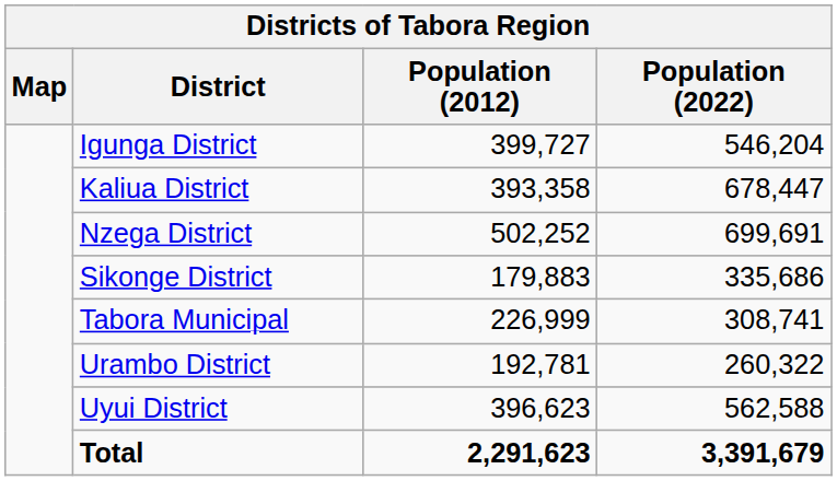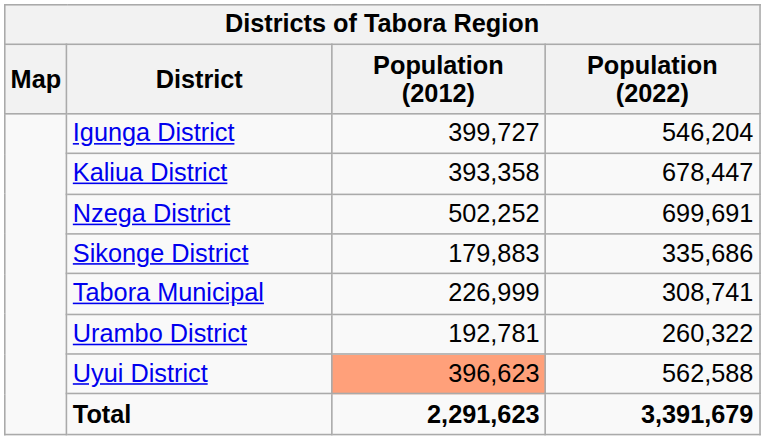 <table class="wikitable">
 <tr>
 <th colspan="7">Districts of Tabora Region</th>
 </tr>
 <tr style="text-align:center;">
 <th>Map</th>
 <th style="width: 10em">District</th>
 <th style="width: 8em">Population<br>(2012)</th>
 <th style="width: 8em">Population<br>(2022)</th>
 </tr>
 <tr>
 <td rowspan= 8></td>
 <td><a href='#'>Igunga District</a></td>
 <td style="text-align:right;">399,727</td>
 <td style="text-align:right;">546,204</td>
 </tr>
 <tr>
 <td><a href='#'>Kaliua District</a></td>
 <td style="text-align:right;">393,358</td>
 <td style="text-align:right;">678,447</td>
 </tr>
 <tr>
 <td><a href='#'>Nzega District</a></td>
 <td style="text-align:right;">502,252</td>
 <td style="text-align:right;">699,691</td>
 </tr>
 <tr>
 <td><a href='#'>Sikonge District</a></td>
 <td style="text-align:right;">179,883</td>
 <td style="text-align:right;">335,686</td>
 </tr>
 <tr>
 <td><a href='#'>Tabora Municipal</a></td>
 <td style="text-align:right;">226,999</td>
 <td style="text-align:right;">308,741</td>
 </tr>
 <tr>
 <td><a href='#'>Urambo District</a></td>
 <td style="text-align:right;">192,781</td>
 <td style="text-align:right;">260,322</td>
 </tr>
 <tr>
 <td><a href='#'>Uyui District</a></td>
-<td style="text-align:right;">396,623</td>
+<td style="background: lightsalmon; text-align:right;">396,623</td>
 <td style="text-align:right;">562,588</td>
 </tr>
 <tr>
 <td><strong>Total</strong></td>
 <td style="text-align:right;"><strong>2,291,623</strong></td>
 <td style="text-align:right;"><strong>3,391,679</strong></td>
 </tr>
 </table>
